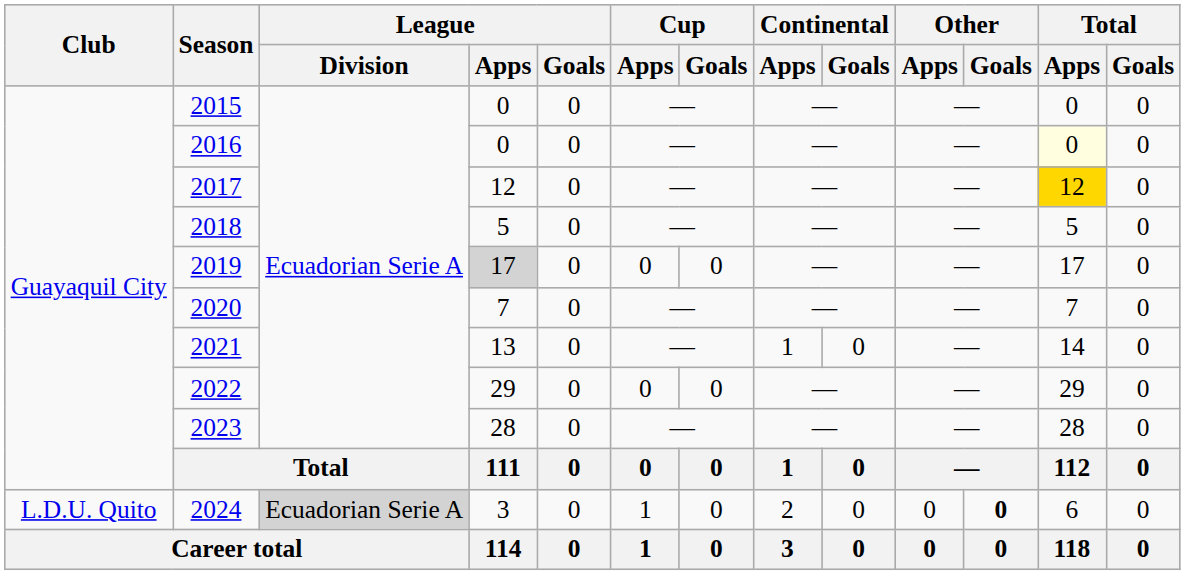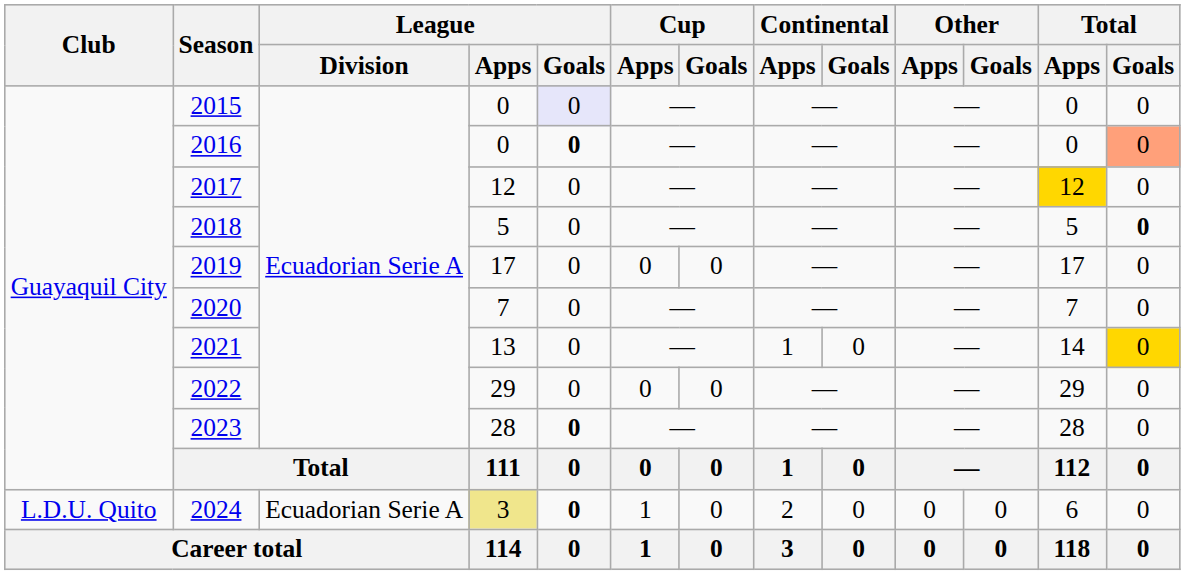 <table class="wikitable" style="text-align:center">
 <tr>
 <th rowspan="2">Club</th>
 <th rowspan="2">Season</th>
 <th colspan="3">League</th>
 <th colspan="2">Cup</th>
 <th colspan="2">Continental</th>
 <th colspan="2">Other</th>
 <th colspan="2">Total</th>
 </tr>
 <tr>
 <th>Division</th>
 <th>Apps</th>
 <th>Goals</th>
 <th>Apps</th>
 <th>Goals</th>
 <th>Apps</th>
 <th>Goals</th>
 <th>Apps</th>
 <th>Goals</th>
 <th>Apps</th>
 <th>Goals</th>
 </tr>
 <tr>
 <td rowspan="10"><a href='#'>Guayaquil City</a></td>
 <td><a href='#'>2015</a></td>
 <td rowspan="9"><a href='#'>Ecuadorian Serie A</a></td>
 <td>0</td>
-<td>0</td>
+<td style="background: lavender;">0</td>
 <td colspan="2">—</td>
 <td colspan="2">—</td>
 <td colspan="2">—</td>
 <td>0</td>
 <td>0</td>
 </tr>
 <tr>
 <td><a href='#'>2016</a></td>
 <td>0</td>
-<td>0</td>
+<td><strong>0</strong></td>
 <td colspan="2">—</td>
 <td colspan="2">—</td>
 <td colspan="2">—</td>
-<td style="background: lightyellow;">0</td>
 <td>0</td>
+<td style="background: lightsalmon;">0</td>
 </tr>
 <tr>
 <td><a href='#'>2017</a></td>
 <td>12</td>
 <td>0</td>
 <td colspan="2">—</td>
 <td colspan="2">—</td>
 <td colspan="2">—</td>
 <td style="background: gold;">12</td>
 <td>0</td>
 </tr>
 <tr>
 <td><a href='#'>2018</a></td>
 <td>5</td>
 <td>0</td>
 <td colspan="2">—</td>
 <td colspan="2">—</td>
 <td colspan="2">—</td>
 <td>5</td>
-<td>0</td>
+<td><strong>0</strong></td>
 </tr>
 <tr>
 <td><a href='#'>2019</a></td>
-<td style="background: lightgrey;">17</td>
+<td>17</td>
 <td>0</td>
 <td>0</td>
 <td>0</td>
 <td colspan="2">—</td>
 <td colspan="2">—</td>
 <td>17</td>
 <td>0</td>
 </tr>
 <tr>
 <td><a href='#'>2020</a></td>
 <td>7</td>
 <td>0</td>
 <td colspan="2">—</td>
 <td colspan="2">—</td>
 <td colspan="2">—</td>
 <td>7</td>
 <td>0</td>
 </tr>
 <tr>
 <td><a href='#'>2021</a></td>
 <td>13</td>
 <td>0</td>
 <td colspan="2">—</td>
 <td>1</td>
 <td>0</td>
 <td colspan="2">—</td>
 <td>14</td>
-<td>0</td>
+<td style="background: gold;">0</td>
 </tr>
 <tr>
 <td><a href='#'>2022</a></td>
 <td>29</td>
 <td>0</td>
 <td>0</td>
 <td>0</td>
 <td colspan="2">—</td>
 <td colspan="2">—</td>
 <td>29</td>
 <td>0</td>
 </tr>
 <tr>
 <td><a href='#'>2023</a></td>
 <td>28</td>
-<td>0</td>
+<td><strong>0</strong></td>
 <td colspan="2">—</td>
 <td colspan="2">—</td>
 <td colspan="2">—</td>
 <td>28</td>
 <td>0</td>
 </tr>
 <tr>
 <th colspan="2">Total</th>
 <th>111</th>
 <th>0</th>
 <th>0</th>
 <th>0</th>
 <th>1</th>
 <th>0</th>
 <th colspan="2">—</th>
 <th>112</th>
 <th>0</th>
 </tr>
 <tr>
 <td><a href='#'>L.D.U. Quito</a></td>
 <td><a href='#'>2024</a></td>
-<td style="background: lightgrey;">Ecuadorian Serie A</td>
-<td>3</td>
-<td>0</td>
+<td>Ecuadorian Serie A</td>
+<td style="background: khaki;">3</td>
+<td><strong>0</strong></td>
 <td>1</td>
 <td>0</td>
 <td>2</td>
 <td>0</td>
 <td>0</td>
-<td><strong>0</strong></td>
+<td>0</td>
 <td>6</td>
 <td>0</td>
 </tr>
 <tr>
 <th colspan="3">Career total</th>
 <th>114</th>
 <th>0</th>
 <th>1</th>
 <th>0</th>
 <th>3</th>
 <th>0</th>
 <th>0</th>
 <th>0</th>
 <th>118</th>
 <th>0</th>
 </tr>
 </table>
